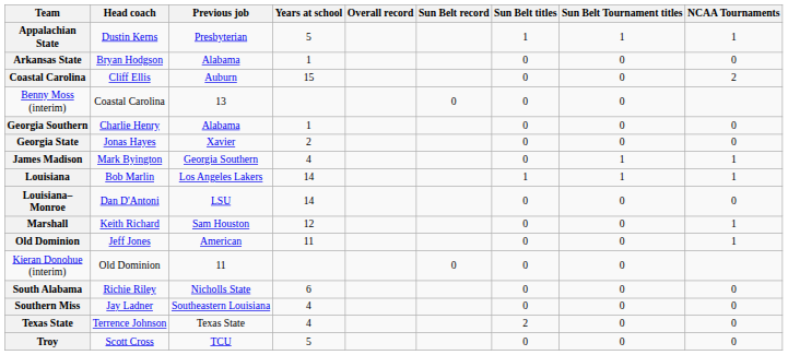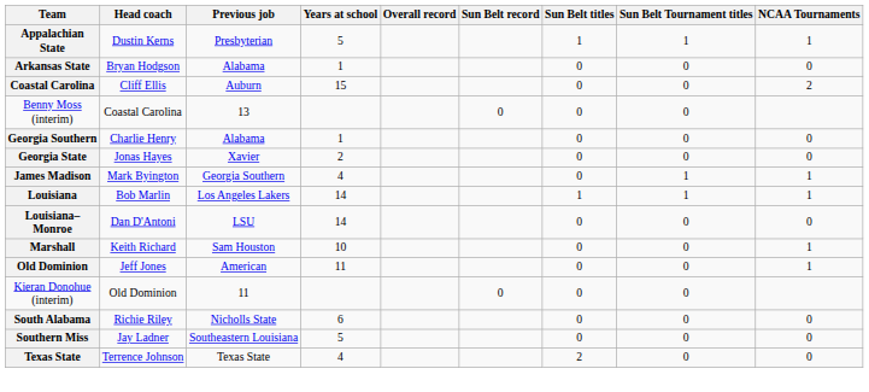 <table class="wikitable sortable" style="text-align: center;font-size:90%;">
 <tr>
 <th width="110">Team</th>
 <th>Head coach</th>
 <th>Previous job</th>
 <th>Years at school</th>
 <th>Overall record</th>
 <th>Sun Belt record</th>
 <th>Sun Belt titles</th>
 <th>Sun Belt Tournament titles</th>
 <th>NCAA Tournaments</th>
 </tr>
 <tr>
 <th>Appalachian State</th>
 <td><a href='#'>Dustin Kerns</a></td>
 <td><a href='#'>Presbyterian</a></td>
 <td>5</td>
 <td></td>
 <td></td>
 <td>1</td>
 <td>1</td>
 <td>1</td>
 </tr>
 <tr>
 <th>Arkansas State</th>
 <td><a href='#'>Bryan Hodgson</a></td>
 <td><a href='#'>Alabama</a> </td>
 <td>1</td>
 <td></td>
 <td></td>
 <td>0</td>
 <td>0</td>
 <td>0</td>
 </tr>
 <tr>
 <th>Coastal Carolina</th>
 <td><a href='#'>Cliff Ellis</a></td>
 <td><a href='#'>Auburn</a></td>
 <td>15</td>
 <td></td>
 <td></td>
 <td>0</td>
 <td>0</td>
 <td>2</td>
 </tr>
 <tr>
 <td><a href='#'>Benny Moss</a> (interim)</td>
 <td>Coastal Carolina </td>
 <td>13</td>
 <td></td>
 <td></td>
 <td>0</td>
 <td>0</td>
 <td>0</td>
 </tr>
 <tr>
 <th>Georgia Southern</th>
 <td><a href='#'>Charlie Henry</a></td>
 <td><a href='#'>Alabama</a> </td>
 <td>1</td>
 <td></td>
 <td></td>
 <td>0</td>
 <td>0</td>
 <td>0</td>
 </tr>
 <tr>
 <th>Georgia State</th>
 <td><a href='#'>Jonas Hayes</a></td>
 <td><a href='#'>Xavier</a> </td>
 <td>2</td>
 <td></td>
 <td></td>
 <td>0</td>
 <td>0</td>
 <td>0</td>
 </tr>
 <tr>
 <th>James Madison</th>
 <td><a href='#'>Mark Byington</a></td>
 <td><a href='#'>Georgia Southern</a></td>
 <td>4</td>
 <td></td>
 <td></td>
 <td>0</td>
 <td>1</td>
 <td>1</td>
 </tr>
 <tr>
 <th>Louisiana</th>
 <td><a href='#'>Bob Marlin</a></td>
 <td><a href='#'>Los Angeles Lakers</a> </td>
 <td>14</td>
 <td></td>
 <td></td>
 <td>1</td>
 <td>1</td>
 <td>1</td>
 </tr>
 <tr>
 <th>Louisiana–Monroe</th>
 <td><a href='#'>Dan D'Antoni</a></td>
 <td><a href='#'>LSU</a> </td>
 <td>14</td>
 <td></td>
 <td></td>
 <td>0</td>
 <td>0</td>
 <td>0</td>
 </tr>
 <tr>
 <th>Marshall</th>
 <td><a href='#'>Keith Richard</a></td>
 <td><a href='#'>Sam Houston</a></td>
-<td>12</td>
+<td>10</td>
 <td></td>
 <td></td>
 <td>0</td>
 <td>0</td>
 <td>1</td>
 </tr>
 <tr>
 <th>Old Dominion</th>
 <td><a href='#'>Jeff Jones</a></td>
 <td><a href='#'>American</a></td>
 <td>11</td>
 <td></td>
 <td></td>
 <td>0</td>
 <td>0</td>
 <td>1</td>
 </tr>
 <tr>
 <td><a href='#'>Kieran Donohue</a> (interim)</td>
 <td>Old Dominion </td>
 <td>11</td>
 <td></td>
 <td></td>
 <td>0</td>
 <td>0</td>
 <td>0</td>
 </tr>
 <tr>
 <th>South Alabama</th>
 <td><a href='#'>Richie Riley</a></td>
 <td><a href='#'>Nicholls State</a></td>
 <td>6</td>
 <td></td>
 <td></td>
 <td>0</td>
 <td>0</td>
 <td>0</td>
 </tr>
 <tr>
 <th>Southern Miss</th>
 <td><a href='#'>Jay Ladner</a></td>
 <td><a href='#'>Southeastern Louisiana</a></td>
-<td>4</td>
+<td>5</td>
 <td></td>
 <td></td>
 <td>0</td>
 <td>0</td>
 <td>0</td>
 </tr>
 <tr>
 <th>Texas State</th>
 <td><a href='#'>Terrence Johnson</a></td>
 <td>Texas State </td>
 <td>4</td>
 <td></td>
 <td></td>
 <td>2</td>
 <td>0</td>
 <td>0</td>
 </tr>
-<tr>
-<th>Troy</th>
-<td><a href='#'>Scott Cross</a></td>
-<td><a href='#'>TCU</a> </td>
-<td>5</td>
-<td></td>
-<td></td>
-<td>0</td>
-<td>0</td>
-<td>0</td>
-</tr>
 </table>
